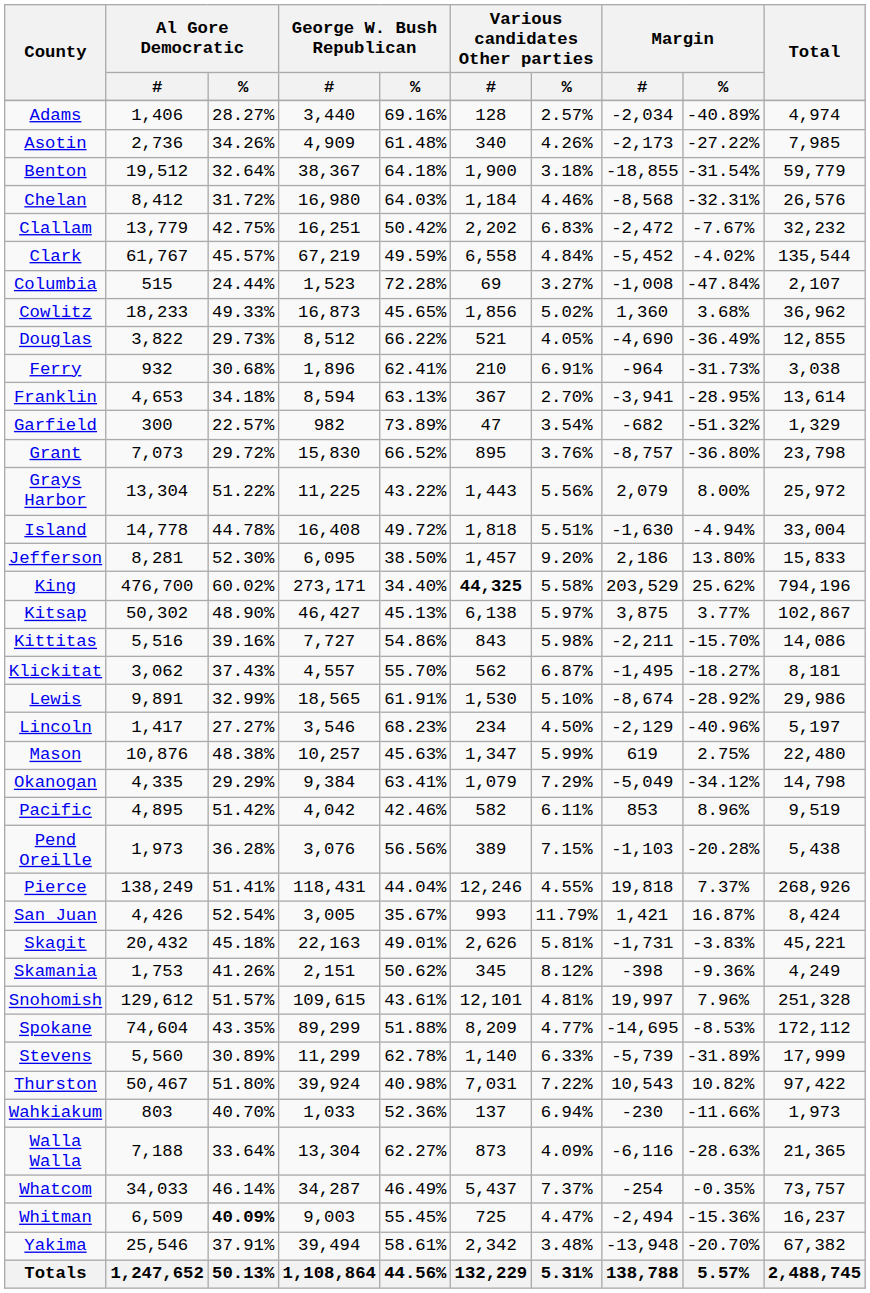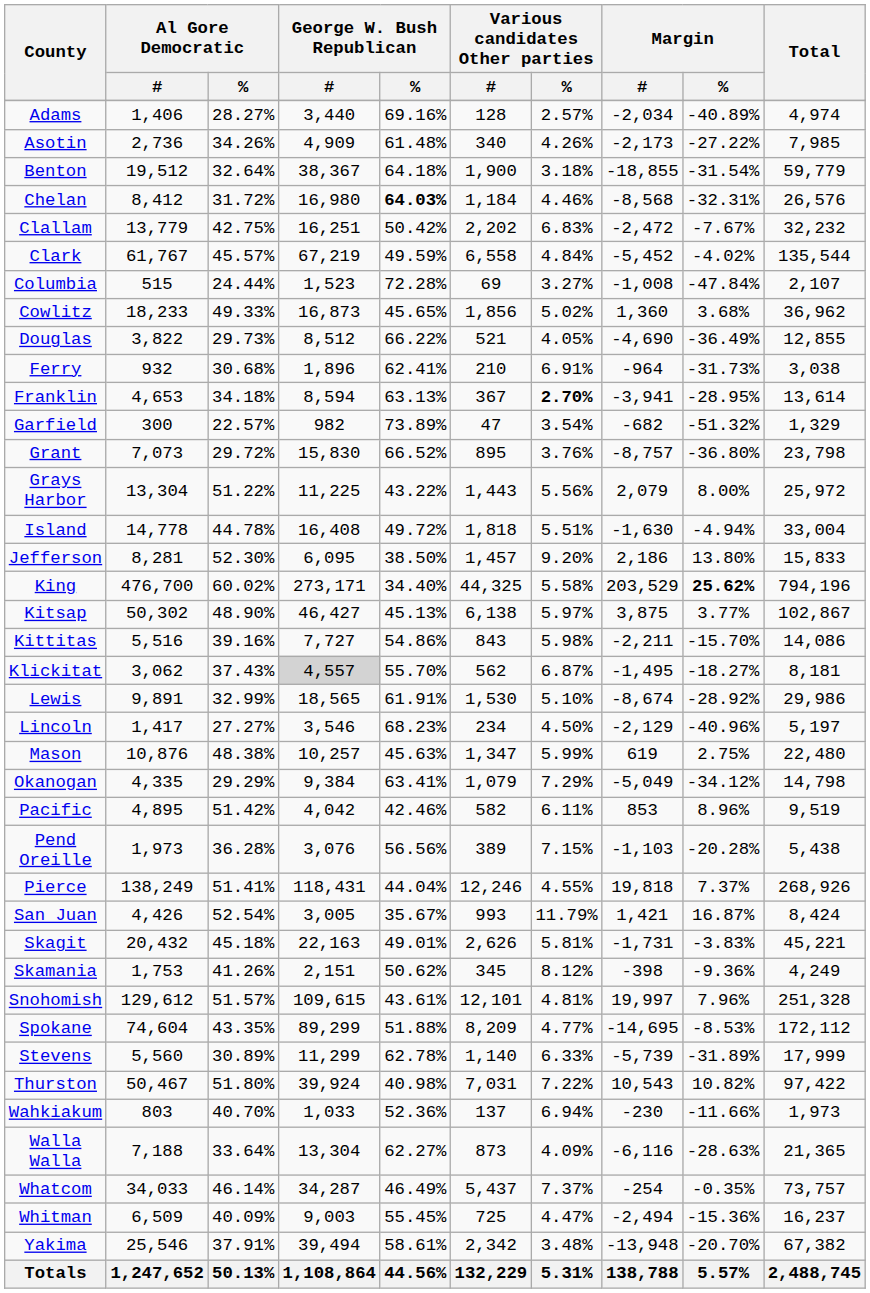 <table width="60%" class="wikitable sortable">
 <tr>
 <th rowspan="2">County</th>
 <th colspan="2">Al Gore<br>Democratic</th>
 <th colspan="2">George W. Bush<br>Republican</th>
 <th colspan="2">Various candidates<br>Other parties</th>
 <th colspan="2">Margin</th>
 <th rowspan="2">Total</th>
 </tr>
 <tr>
 <th style="text-align:center;" data-sort-type="number">#</th>
 <th style="text-align:center;" data-sort-type="number">%</th>
 <th style="text-align:center;" data-sort-type="number">#</th>
 <th style="text-align:center;" data-sort-type="number">%</th>
 <th style="text-align:center;" data-sort-type="number">#</th>
 <th style="text-align:center;" data-sort-type="number">%</th>
 <th style="text-align:center;" data-sort-type="number">#</th>
 <th style="text-align:center;" data-sort-type="number">%</th>
 </tr>
 <tr>
 </tr>
 <tr style="text-align:center;">
 <td><a href='#'>Adams</a></td>
 <td>1,406</td>
 <td>28.27%</td>
 <td>3,440</td>
 <td>69.16%</td>
 <td>128</td>
 <td>2.57%</td>
 <td>-2,034</td>
 <td>-40.89%</td>
 <td>4,974</td>
 </tr>
 <tr style="text-align:center;">
 <td><a href='#'>Asotin</a></td>
 <td>2,736</td>
 <td>34.26%</td>
 <td>4,909</td>
 <td>61.48%</td>
 <td>340</td>
 <td>4.26%</td>
 <td>-2,173</td>
 <td>-27.22%</td>
 <td>7,985</td>
 </tr>
 <tr style="text-align:center;">
 <td><a href='#'>Benton</a></td>
 <td>19,512</td>
 <td>32.64%</td>
 <td>38,367</td>
 <td>64.18%</td>
 <td>1,900</td>
 <td>3.18%</td>
 <td>-18,855</td>
 <td>-31.54%</td>
 <td>59,779</td>
 </tr>
 <tr style="text-align:center;">
 <td><a href='#'>Chelan</a></td>
 <td>8,412</td>
 <td>31.72%</td>
 <td>16,980</td>
-<td>64.03%</td>
+<td><strong>64.03%</strong></td>
 <td>1,184</td>
 <td>4.46%</td>
 <td>-8,568</td>
 <td>-32.31%</td>
 <td>26,576</td>
 </tr>
 <tr style="text-align:center;">
 <td><a href='#'>Clallam</a></td>
 <td>13,779</td>
 <td>42.75%</td>
 <td>16,251</td>
 <td>50.42%</td>
 <td>2,202</td>
 <td>6.83%</td>
 <td>-2,472</td>
 <td>-7.67%</td>
 <td>32,232</td>
 </tr>
 <tr style="text-align:center;">
 <td><a href='#'>Clark</a></td>
 <td>61,767</td>
 <td>45.57%</td>
 <td>67,219</td>
 <td>49.59%</td>
 <td>6,558</td>
 <td>4.84%</td>
 <td>-5,452</td>
 <td>-4.02%</td>
 <td>135,544</td>
 </tr>
 <tr style="text-align:center;">
 <td><a href='#'>Columbia</a></td>
 <td>515</td>
 <td>24.44%</td>
 <td>1,523</td>
 <td>72.28%</td>
 <td>69</td>
 <td>3.27%</td>
 <td>-1,008</td>
 <td>-47.84%</td>
 <td>2,107</td>
 </tr>
 <tr style="text-align:center;">
 <td><a href='#'>Cowlitz</a></td>
 <td>18,233</td>
 <td>49.33%</td>
 <td>16,873</td>
 <td>45.65%</td>
 <td>1,856</td>
 <td>5.02%</td>
 <td>1,360</td>
 <td>3.68%</td>
 <td>36,962</td>
 </tr>
 <tr style="text-align:center;">
 <td><a href='#'>Douglas</a></td>
 <td>3,822</td>
 <td>29.73%</td>
 <td>8,512</td>
 <td>66.22%</td>
 <td>521</td>
 <td>4.05%</td>
 <td>-4,690</td>
 <td>-36.49%</td>
 <td>12,855</td>
 </tr>
 <tr style="text-align:center;">
 <td><a href='#'>Ferry</a></td>
 <td>932</td>
 <td>30.68%</td>
 <td>1,896</td>
 <td>62.41%</td>
 <td>210</td>
 <td>6.91%</td>
 <td>-964</td>
 <td>-31.73%</td>
 <td>3,038</td>
 </tr>
 <tr style="text-align:center;">
 <td><a href='#'>Franklin</a></td>
 <td>4,653</td>
 <td>34.18%</td>
 <td>8,594</td>
 <td>63.13%</td>
 <td>367</td>
-<td>2.70%</td>
+<td><strong>2.70%</strong></td>
 <td>-3,941</td>
 <td>-28.95%</td>
 <td>13,614</td>
 </tr>
 <tr style="text-align:center;">
 <td><a href='#'>Garfield</a></td>
 <td>300</td>
 <td>22.57%</td>
 <td>982</td>
 <td>73.89%</td>
 <td>47</td>
 <td>3.54%</td>
 <td>-682</td>
 <td>-51.32%</td>
 <td>1,329</td>
 </tr>
 <tr style="text-align:center;">
 <td><a href='#'>Grant</a></td>
 <td>7,073</td>
 <td>29.72%</td>
 <td>15,830</td>
 <td>66.52%</td>
 <td>895</td>
 <td>3.76%</td>
 <td>-8,757</td>
 <td>-36.80%</td>
 <td>23,798</td>
 </tr>
 <tr style="text-align:center;">
 <td><a href='#'>Grays Harbor</a></td>
 <td>13,304</td>
 <td>51.22%</td>
 <td>11,225</td>
 <td>43.22%</td>
 <td>1,443</td>
 <td>5.56%</td>
 <td>2,079</td>
 <td>8.00%</td>
 <td>25,972</td>
 </tr>
 <tr style="text-align:center;">
 <td><a href='#'>Island</a></td>
 <td>14,778</td>
 <td>44.78%</td>
 <td>16,408</td>
 <td>49.72%</td>
 <td>1,818</td>
 <td>5.51%</td>
 <td>-1,630</td>
 <td>-4.94%</td>
 <td>33,004</td>
 </tr>
 <tr style="text-align:center;">
 <td><a href='#'>Jefferson</a></td>
 <td>8,281</td>
 <td>52.30%</td>
 <td>6,095</td>
 <td>38.50%</td>
 <td>1,457</td>
 <td>9.20%</td>
 <td>2,186</td>
 <td>13.80%</td>
 <td>15,833</td>
 </tr>
 <tr style="text-align:center;">
 <td><a href='#'>King</a></td>
 <td>476,700</td>
 <td>60.02%</td>
 <td>273,171</td>
 <td>34.40%</td>
-<td><strong>44,325</strong></td>
+<td>44,325</td>
 <td>5.58%</td>
 <td>203,529</td>
-<td>25.62%</td>
+<td><strong>25.62%</strong></td>
 <td>794,196</td>
 </tr>
 <tr style="text-align:center;">
 <td><a href='#'>Kitsap</a></td>
 <td>50,302</td>
 <td>48.90%</td>
 <td>46,427</td>
 <td>45.13%</td>
 <td>6,138</td>
 <td>5.97%</td>
 <td>3,875</td>
 <td>3.77%</td>
 <td>102,867</td>
 </tr>
 <tr style="text-align:center;">
 <td><a href='#'>Kittitas</a></td>
 <td>5,516</td>
 <td>39.16%</td>
 <td>7,727</td>
 <td>54.86%</td>
 <td>843</td>
 <td>5.98%</td>
 <td>-2,211</td>
 <td>-15.70%</td>
 <td>14,086</td>
 </tr>
 <tr style="text-align:center;">
 <td><a href='#'>Klickitat</a></td>
 <td>3,062</td>
 <td>37.43%</td>
-<td>4,557</td>
+<td style="background: lightgrey;">4,557</td>
 <td>55.70%</td>
 <td>562</td>
 <td>6.87%</td>
 <td>-1,495</td>
 <td>-18.27%</td>
 <td>8,181</td>
 </tr>
 <tr style="text-align:center;">
 <td><a href='#'>Lewis</a></td>
 <td>9,891</td>
 <td>32.99%</td>
 <td>18,565</td>
 <td>61.91%</td>
 <td>1,530</td>
 <td>5.10%</td>
 <td>-8,674</td>
 <td>-28.92%</td>
 <td>29,986</td>
 </tr>
 <tr style="text-align:center;">
 <td><a href='#'>Lincoln</a></td>
 <td>1,417</td>
 <td>27.27%</td>
 <td>3,546</td>
 <td>68.23%</td>
 <td>234</td>
 <td>4.50%</td>
 <td>-2,129</td>
 <td>-40.96%</td>
 <td>5,197</td>
 </tr>
 <tr style="text-align:center;">
 <td><a href='#'>Mason</a></td>
 <td>10,876</td>
 <td>48.38%</td>
 <td>10,257</td>
 <td>45.63%</td>
 <td>1,347</td>
 <td>5.99%</td>
 <td>619</td>
 <td>2.75%</td>
 <td>22,480</td>
 </tr>
 <tr style="text-align:center;">
 <td><a href='#'>Okanogan</a></td>
 <td>4,335</td>
 <td>29.29%</td>
 <td>9,384</td>
 <td>63.41%</td>
 <td>1,079</td>
 <td>7.29%</td>
 <td>-5,049</td>
 <td>-34.12%</td>
 <td>14,798</td>
 </tr>
 <tr style="text-align:center;">
 <td><a href='#'>Pacific</a></td>
 <td>4,895</td>
 <td>51.42%</td>
 <td>4,042</td>
 <td>42.46%</td>
 <td>582</td>
 <td>6.11%</td>
 <td>853</td>
 <td>8.96%</td>
 <td>9,519</td>
 </tr>
 <tr style="text-align:center;">
 <td><a href='#'>Pend Oreille</a></td>
 <td>1,973</td>
 <td>36.28%</td>
 <td>3,076</td>
 <td>56.56%</td>
 <td>389</td>
 <td>7.15%</td>
 <td>-1,103</td>
 <td>-20.28%</td>
 <td>5,438</td>
 </tr>
 <tr style="text-align:center;">
 <td><a href='#'>Pierce</a></td>
 <td>138,249</td>
 <td>51.41%</td>
 <td>118,431</td>
 <td>44.04%</td>
 <td>12,246</td>
 <td>4.55%</td>
 <td>19,818</td>
 <td>7.37%</td>
 <td>268,926</td>
 </tr>
 <tr style="text-align:center;">
 <td><a href='#'>San Juan</a></td>
 <td>4,426</td>
 <td>52.54%</td>
 <td>3,005</td>
 <td>35.67%</td>
 <td>993</td>
 <td>11.79%</td>
 <td>1,421</td>
 <td>16.87%</td>
 <td>8,424</td>
 </tr>
 <tr style="text-align:center;">
 <td><a href='#'>Skagit</a></td>
 <td>20,432</td>
 <td>45.18%</td>
 <td>22,163</td>
 <td>49.01%</td>
 <td>2,626</td>
 <td>5.81%</td>
 <td>-1,731</td>
 <td>-3.83%</td>
 <td>45,221</td>
 </tr>
 <tr style="text-align:center;">
 <td><a href='#'>Skamania</a></td>
 <td>1,753</td>
 <td>41.26%</td>
 <td>2,151</td>
 <td>50.62%</td>
 <td>345</td>
 <td>8.12%</td>
 <td>-398</td>
 <td>-9.36%</td>
 <td>4,249</td>
 </tr>
 <tr style="text-align:center;">
 <td><a href='#'>Snohomish</a></td>
 <td>129,612</td>
 <td>51.57%</td>
 <td>109,615</td>
 <td>43.61%</td>
 <td>12,101</td>
 <td>4.81%</td>
 <td>19,997</td>
 <td>7.96%</td>
 <td>251,328</td>
 </tr>
 <tr style="text-align:center;">
 <td><a href='#'>Spokane</a></td>
 <td>74,604</td>
 <td>43.35%</td>
 <td>89,299</td>
 <td>51.88%</td>
 <td>8,209</td>
 <td>4.77%</td>
 <td>-14,695</td>
 <td>-8.53%</td>
 <td>172,112</td>
 </tr>
 <tr style="text-align:center;">
 <td><a href='#'>Stevens</a></td>
 <td>5,560</td>
 <td>30.89%</td>
 <td>11,299</td>
 <td>62.78%</td>
 <td>1,140</td>
 <td>6.33%</td>
 <td>-5,739</td>
 <td>-31.89%</td>
 <td>17,999</td>
 </tr>
 <tr style="text-align:center;">
 <td><a href='#'>Thurston</a></td>
 <td>50,467</td>
 <td>51.80%</td>
 <td>39,924</td>
 <td>40.98%</td>
 <td>7,031</td>
 <td>7.22%</td>
 <td>10,543</td>
 <td>10.82%</td>
 <td>97,422</td>
 </tr>
 <tr style="text-align:center;">
 <td><a href='#'>Wahkiakum</a></td>
 <td>803</td>
 <td>40.70%</td>
 <td>1,033</td>
 <td>52.36%</td>
 <td>137</td>
 <td>6.94%</td>
 <td>-230</td>
 <td>-11.66%</td>
 <td>1,973</td>
 </tr>
 <tr style="text-align:center;">
 <td><a href='#'>Walla Walla</a></td>
 <td>7,188</td>
 <td>33.64%</td>
 <td>13,304</td>
 <td>62.27%</td>
 <td>873</td>
 <td>4.09%</td>
 <td>-6,116</td>
 <td>-28.63%</td>
 <td>21,365</td>
 </tr>
 <tr style="text-align:center;">
 <td><a href='#'>Whatcom</a></td>
 <td>34,033</td>
 <td>46.14%</td>
 <td>34,287</td>
 <td>46.49%</td>
 <td>5,437</td>
 <td>7.37%</td>
 <td>-254</td>
 <td>-0.35%</td>
 <td>73,757</td>
 </tr>
 <tr style="text-align:center;">
 <td><a href='#'>Whitman</a></td>
 <td>6,509</td>
-<td><strong>40.09%</strong></td>
+<td>40.09%</td>
 <td>9,003</td>
 <td>55.45%</td>
 <td>725</td>
 <td>4.47%</td>
 <td>-2,494</td>
 <td>-15.36%</td>
 <td>16,237</td>
 </tr>
 <tr style="text-align:center;">
 <td><a href='#'>Yakima</a></td>
 <td>25,546</td>
 <td>37.91%</td>
 <td>39,494</td>
 <td>58.61%</td>
 <td>2,342</td>
 <td>3.48%</td>
 <td>-13,948</td>
 <td>-20.70%</td>
 <td>67,382</td>
 </tr>
 <tr>
 <th>Totals</th>
 <th>1,247,652</th>
 <th>50.13%</th>
 <th>1,108,864</th>
 <th>44.56%</th>
 <th>132,229</th>
 <th>5.31%</th>
 <th>138,788</th>
 <th>5.57%</th>
 <th>2,488,745</th>
 </tr>
 </table>
